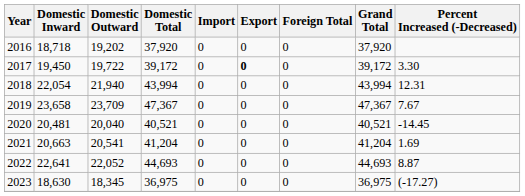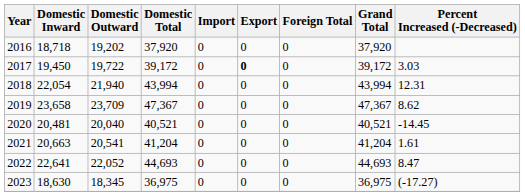 <table class="wikitable sortable">
 <tr>
 <th>Year</th>
 <th>Domestic<br>Inward</th>
 <th>Domestic<br>Outward</th>
 <th>Domestic<br>Total</th>
 <th>Import</th>
 <th>Export</th>
 <th>Foreign Total</th>
 <th>Grand<br>Total</th>
 <th>Percent<br>Increased (-Decreased)</th>
 </tr>
 <tr>
 <td>2016</td>
 <td>18,718</td>
 <td>19,202</td>
 <td>37,920</td>
 <td>0</td>
 <td>0</td>
 <td>0</td>
 <td>37,920</td>
 <td></td>
 </tr>
 <tr>
 <td>2017</td>
 <td>19,450</td>
 <td>19,722</td>
 <td>39,172</td>
 <td>0</td>
 <td><strong>0</strong></td>
 <td>0</td>
 <td>39,172</td>
-<td>3.30</td>
+<td>3.03</td>
 </tr>
 <tr>
 <td>2018</td>
 <td>22,054</td>
 <td>21,940</td>
 <td>43,994</td>
 <td>0</td>
 <td>0</td>
 <td>0</td>
 <td>43,994</td>
 <td>12.31</td>
 </tr>
 <tr>
 <td>2019</td>
 <td>23,658</td>
 <td>23,709</td>
 <td>47,367</td>
 <td>0</td>
 <td>0</td>
 <td>0</td>
 <td>47,367</td>
-<td>7.67</td>
+<td>8.62</td>
 </tr>
 <tr>
 <td>2020</td>
 <td>20,481</td>
 <td>20,040</td>
 <td>40,521</td>
 <td>0</td>
 <td>0</td>
 <td>0</td>
 <td>40,521</td>
 <td>-14.45</td>
 </tr>
 <tr>
 <td>2021</td>
 <td>20,663</td>
 <td>20,541</td>
 <td>41,204</td>
 <td>0</td>
 <td>0</td>
 <td>0</td>
 <td>41,204</td>
-<td>1.69</td>
+<td>1.61</td>
 </tr>
 <tr>
 <td>2022</td>
 <td>22,641</td>
 <td>22,052</td>
 <td>44,693</td>
 <td>0</td>
 <td>0</td>
 <td>0</td>
 <td>44,693</td>
-<td>8.87</td>
+<td>8.47</td>
 </tr>
 <tr>
 <td>2023</td>
 <td>18,630</td>
 <td>18,345</td>
 <td>36,975</td>
 <td>0</td>
 <td>0</td>
 <td>0</td>
 <td>36,975</td>
 <td>(-17.27)</td>
 </tr>
 <tr>
 </tr>
 </table>
